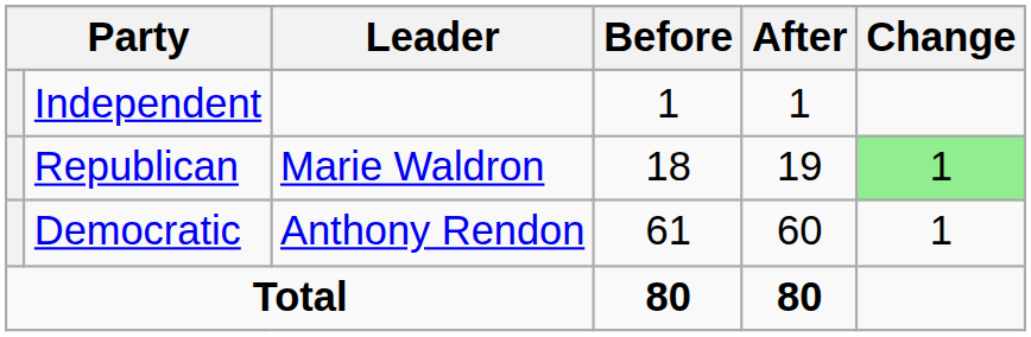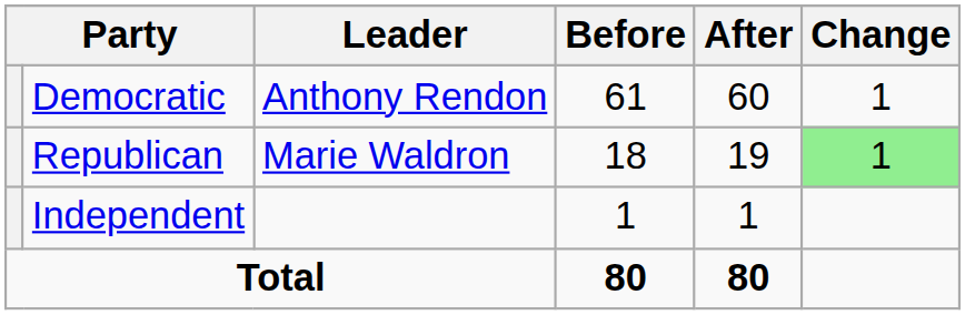 <table class="wikitable" style="text-align:center;">
 <tr>
 </tr>
 <tr>
 <th colspan=2>Party</th>
 <th>Leader</th>
 <th>Before</th>
 <th>After</th>
 <th>Change</th>
 </tr>
 <tr>
 <th style="background-color:"></th>
-<td style="text-align:left;"><a href='#'>Independent</a></td>
-<td style="text-align:left;"></td>
-<td>1</td>
-<td>1</td>
-<td></td>
+<td style="text-align:left;"><a href='#'>Democratic</a></td>
+<td style="text-align:left;"><a href='#'>Anthony Rendon</a></td>
+<td>61</td>
+<td>60</td>
+<td> 1</td>
 </tr>
 <tr>
 <th style="background-color:"></th>
 <td style="text-align:left;"><a href='#'>Republican</a></td>
 <td style="text-align:left;"><a href='#'>Marie Waldron</a></td>
 <td>18</td>
 <td>19</td>
 <td style="background: lightgreen;"> 1</td>
 </tr>
 <tr>
 <th style="background-color:"></th>
-<td style="text-align:left;"><a href='#'>Democratic</a></td>
-<td style="text-align:left;"><a href='#'>Anthony Rendon</a></td>
-<td>61</td>
-<td>60</td>
-<td> 1</td>
+<td style="text-align:left;"><a href='#'>Independent</a></td>
+<td style="text-align:left;"></td>
+<td>1</td>
+<td>1</td>
+<td></td>
 </tr>
 <tr>
 <td colspan=3><strong>Total</strong></td>
 <td><strong>80</strong></td>
 <td><strong>80</strong></td>
 <td></td>
 </tr>
 </table>
